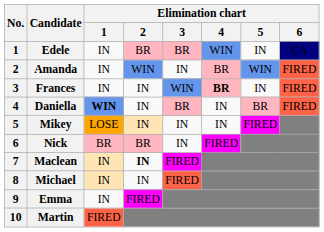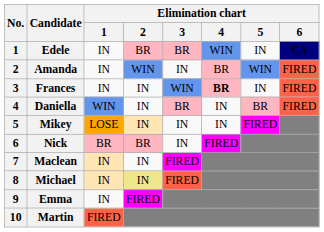 <table class="wikitable" style="text-align:center;">
 <tr>
 <th rowspan=2>No.</th>
 <th rowspan=2>Candidate</th>
 <th colspan="16">Elimination chart</th>
 </tr>
 <tr>
 <th>1</th>
 <th>2</th>
 <th>3</th>
 <th>4</th>
 <th>5</th>
 <th>6</th>
 </tr>
 <tr>
 <th>1</th>
 <th>Edele</th>
 <td>IN</td>
 <td style="background:lightpink;">BR</td>
 <td style="background:lightpink;">BR</td>
 <td style="background:cornflowerblue;">WIN</td>
 <td>IN</td>
 <td style="background:navy;"><span> CA </span></td>
 </tr>
 <tr>
 <th>2</th>
 <th>Amanda</th>
 <td>IN</td>
 <td style="background:cornflowerblue;">WIN</td>
 <td>IN</td>
 <td style="background:lightpink;">BR</td>
 <td style="background:cornflowerblue;">WIN</td>
 <td style="background:tomato;">FIRED</td>
 </tr>
 <tr>
 <th>3</th>
 <th>Frances</th>
 <td>IN</td>
 <td>IN</td>
 <td style="background:cornflowerblue;">WIN</td>
 <td style="background:lightpink;"><strong>BR</strong></td>
 <td>IN</td>
 <td style="background:tomato;">FIRED</td>
 </tr>
 <tr>
 <th>4</th>
 <th>Daniella</th>
-<td style="background:cornflowerblue;"><strong>WIN</strong></td>
+<td style="background:cornflowerblue;">WIN</td>
 <td>IN</td>
 <td style="background:lightpink;">BR</td>
 <td>IN</td>
 <td style="background:lightpink;">BR</td>
 <td style="background:tomato;">FIRED</td>
 </tr>
 <tr>
 <th>5</th>
 <th>Mikey</th>
 <td style="background:orange;">LOSE</td>
 <td style="background:#ffe5b4;">IN</td>
 <td>IN</td>
 <td>IN</td>
 <td style="background:magenta;">FIRED</td>
 <td colspan="7" style="background:gray;"></td>
 </tr>
 <tr>
 <th>6</th>
 <th>Nick</th>
 <td style="background:lightpink;">BR</td>
 <td style="background:lightpink;">BR</td>
 <td>IN</td>
 <td style="background:magenta;">FIRED</td>
 <td colspan="8" style="background:gray;"></td>
 </tr>
 <tr>
 <th>7</th>
 <th>Maclean</th>
 <td style="background:#ffe5b4;">IN</td>
-<td><strong>IN</strong></td>
+<td>IN</td>
 <td style="background:magenta;">FIRED</td>
 <td colspan="9" style="background:gray;"></td>
 </tr>
 <tr>
 <th>8</th>
 <th>Michael</th>
 <td style="background:#ffe5b4;">IN</td>
-<td>IN</td>
+<td style="background: khaki;">IN</td>
 <td style="background:tomato;">FIRED</td>
 <td colspan="10" style="background:gray;"></td>
 </tr>
 <tr>
 <th>9</th>
 <th>Emma</th>
 <td>IN</td>
 <td style="background:magenta;">FIRED</td>
 <td colspan="11" style="background:gray;"></td>
 </tr>
 <tr>
 <th>10</th>
 <th>Martin</th>
 <td style="background:tomato;">FIRED</td>
 <td colspan="12" style="background:gray;"></td>
 </tr>
 </table>
